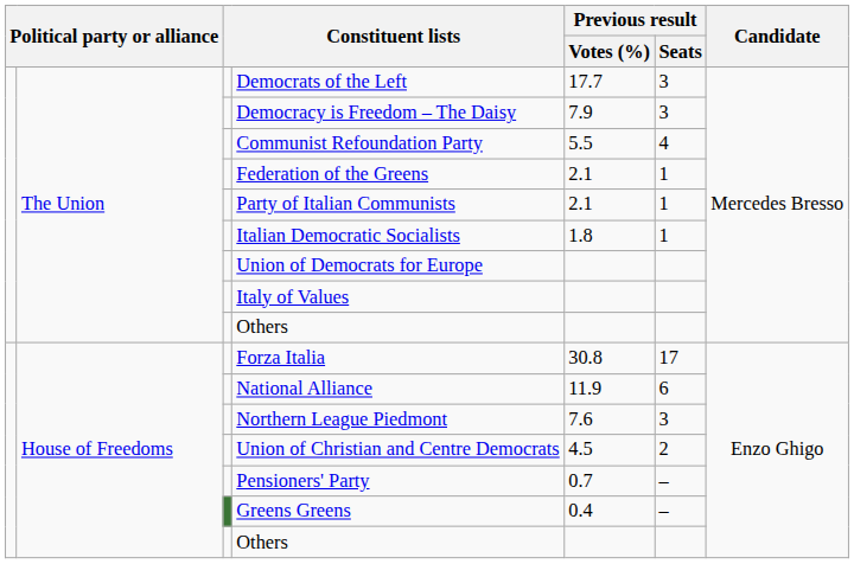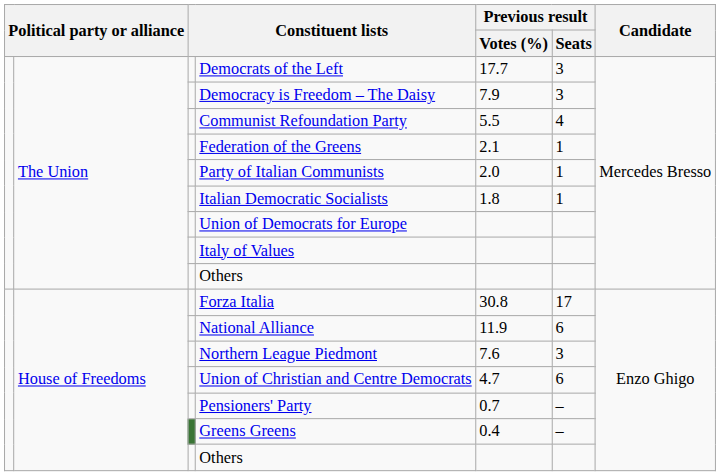 <table class="wikitable" style="text-align:left">
 <tr>
 <th colspan=2 rowspan="2">Political party or alliance</th>
 <th colspan=2 rowspan="2">Constituent lists</th>
 <th colspan="2">Previous result</th>
 <th rowspan="2">Candidate</th>
 </tr>
 <tr>
 <th>Votes (%)</th>
 <th>Seats</th>
 </tr>
 <tr>
 <td rowspan="9"></td>
 <td rowspan="9"><a href='#'>The Union</a></td>
 <td></td>
 <td style="text-align:left;"><a href='#'>Democrats of the Left</a></td>
 <td>17.7</td>
 <td>3</td>
 <td rowspan="9" style="text-align: center;">Mercedes Bresso</td>
 </tr>
 <tr>
 <td></td>
 <td><a href='#'>Democracy is Freedom – The Daisy</a></td>
 <td>7.9</td>
 <td>3</td>
 </tr>
 <tr>
 <td></td>
 <td><a href='#'>Communist Refoundation Party</a></td>
 <td>5.5</td>
 <td>4</td>
 </tr>
 <tr>
 <td></td>
 <td><a href='#'>Federation of the Greens</a></td>
 <td>2.1</td>
 <td>1</td>
 </tr>
 <tr>
 <td></td>
 <td><a href='#'>Party of Italian Communists</a></td>
-<td>2.1</td>
+<td>2.0</td>
 <td>1</td>
 </tr>
 <tr>
 <td></td>
 <td><a href='#'>Italian Democratic Socialists</a></td>
 <td>1.8</td>
 <td>1</td>
 </tr>
 <tr>
 <td></td>
 <td><a href='#'>Union of Democrats for Europe</a></td>
 <td></td>
 <td></td>
 </tr>
 <tr>
 <td></td>
 <td><a href='#'>Italy of Values</a></td>
 <td></td>
 <td></td>
 </tr>
 <tr>
 <td></td>
 <td style="text-align:left;">Others</td>
 <td></td>
 <td></td>
 </tr>
 <tr>
 <td rowspan="7" style="background:"></td>
 <td rowspan=7><a href='#'>House of Freedoms</a></td>
 <td></td>
 <td style="text-align:left;"><a href='#'>Forza Italia</a></td>
 <td>30.8</td>
 <td>17</td>
 <td rowspan="7" style="text-align: center;">Enzo Ghigo</td>
 </tr>
 <tr>
 <td></td>
 <td style="text-align:left;"><a href='#'>National Alliance</a></td>
 <td>11.9</td>
 <td>6</td>
 </tr>
 <tr>
 <td></td>
 <td><a href='#'>Northern League Piedmont</a></td>
 <td>7.6</td>
 <td>3</td>
 </tr>
 <tr>
 <td></td>
 <td style="text-align:left;"><a href='#'>Union of Christian and Centre Democrats</a></td>
-<td>4.5</td>
-<td>2</td>
+<td>4.7</td>
+<td>6</td>
 </tr>
 <tr>
 <td></td>
 <td><a href='#'>Pensioners' Party</a></td>
 <td>0.7</td>
 <td>–</td>
 </tr>
 <tr>
 <td bgcolor="#3A7535"></td>
 <td><a href='#'>Greens Greens</a></td>
 <td>0.4</td>
 <td>–</td>
 </tr>
 <tr>
 <td></td>
 <td style="text-align:left;">Others</td>
 <td></td>
 <td></td>
 </tr>
 </table>
